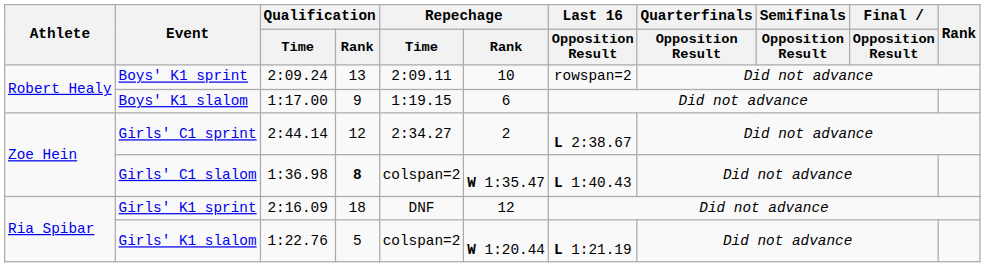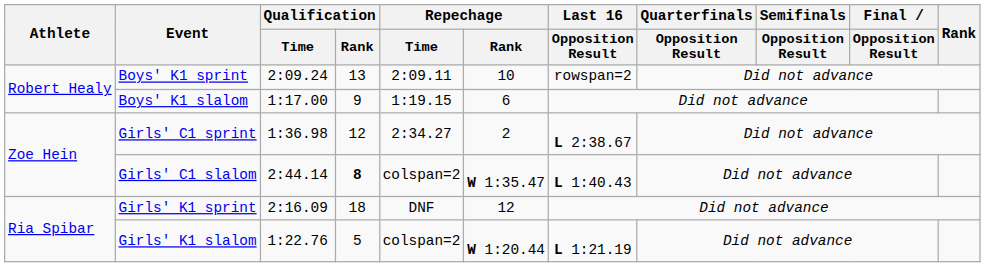 <table class="wikitable" style="font-size:90%">
 <tr>
 <th rowspan=2>Athlete</th>
 <th rowspan=2>Event</th>
 <th colspan=2>Qualification</th>
 <th colspan=2>Repechage</th>
 <th>Last 16</th>
 <th>Quarterfinals</th>
 <th>Semifinals</th>
 <th>Final / </th>
 <th rowspan=2>Rank</th>
 </tr>
 <tr style="font-size:95%">
 <th>Time</th>
 <th>Rank</th>
 <th>Time</th>
 <th>Rank</th>
 <th>Opposition <br>Result</th>
 <th>Opposition <br>Result</th>
 <th>Opposition <br>Result</th>
 <th>Opposition <br>Result</th>
 </tr>
 <tr align=center>
 <td align=left rowspan=2><a href='#'>Robert Healy</a></td>
 <td align=left><a href='#'>Boys' K1 sprint</a></td>
 <td>2:09.24</td>
 <td>13</td>
 <td>2:09.11</td>
 <td>10</td>
 <td>rowspan=2 </td>
 <td Colspan=4><em>Did not advance</em></td>
 </tr>
 <tr align=center>
 <td align=left><a href='#'>Boys' K1 slalom</a></td>
 <td>1:17.00</td>
 <td>9</td>
 <td>1:19.15</td>
 <td>6</td>
 <td Colspan=4><em>Did not advance</em></td>
 </tr>
 <tr align=center>
 <td align=left rowspan=2><a href='#'>Zoe Hein</a></td>
 <td align=left><a href='#'>Girls' C1 sprint</a></td>
-<td>2:44.14</td>
+<td>1:36.98</td>
 <td>12</td>
 <td>2:34.27</td>
 <td>2</td>
 <td><br> <strong>L</strong> 2:38.67</td>
 <td Colspan=4><em>Did not advance</em></td>
 </tr>
 <tr align=center>
 <td align=left><a href='#'>Girls' C1 slalom</a></td>
-<td>1:36.98</td>
+<td>2:44.14</td>
 <td><strong>8</strong></td>
 <td>colspan=2 </td>
 <td><br> <strong>W</strong> 1:35.47</td>
 <td><br> <strong>L</strong> 1:40.43</td>
 <td Colspan=3><em>Did not advance</em></td>
 </tr>
 <tr align=center>
 <td align=left rowspan=2><a href='#'>Ria Spibar</a></td>
 <td align=left><a href='#'>Girls' K1 sprint</a></td>
 <td>2:16.09</td>
 <td>18</td>
 <td>DNF</td>
 <td>12</td>
 <td Colspan=5><em>Did not advance</em></td>
 </tr>
 <tr align=center>
 <td align=left><a href='#'>Girls' K1 slalom</a></td>
 <td>1:22.76</td>
 <td>5</td>
 <td>colspan=2 </td>
 <td><br> <strong>W</strong> 1:20.44</td>
 <td><br> <strong>L</strong> 1:21.19</td>
 <td Colspan=3><em>Did not advance</em></td>
 </tr>
 </table>
